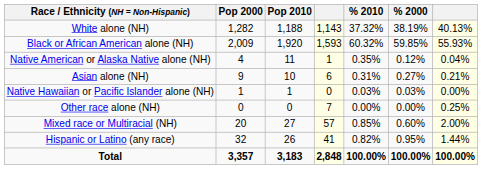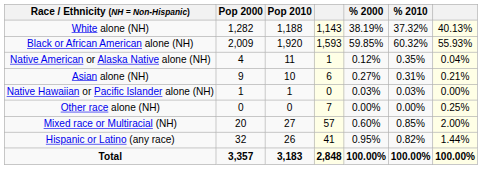 <table class="wikitable" style="text-align:center;">
 <tr>
 <th>Race / Ethnicity <small>(<em>NH = Non-Hispanic</em>)</small></th>
 <th>Pop 2000</th>
 <th>Pop 2010</th>
 <th></th>
+<th>% 2000</th>
 <th>% 2010</th>
-<th>% 2000</th>
 <th></th>
 </tr>
 <tr>
 <td><a href='#'>White</a> alone (NH)</td>
 <td>1,282</td>
 <td>1,188</td>
 <td style='background: #ffffe6;'>1,143</td>
+<td>38.19%</td>
 <td>37.32%</td>
-<td>38.19%</td>
 <td style='background: #ffffe6;'>40.13%</td>
 </tr>
 <tr>
 <td><a href='#'>Black or African American</a> alone (NH)</td>
 <td>2,009</td>
 <td>1,920</td>
 <td style='background: #ffffe6;'>1,593</td>
+<td>59.85%</td>
 <td>60.32%</td>
-<td>59.85%</td>
 <td style='background: #ffffe6;'>55.93%</td>
 </tr>
 <tr>
 <td><a href='#'>Native American</a> or <a href='#'>Alaska Native</a> alone (NH)</td>
 <td>4</td>
 <td>11</td>
 <td style='background: #ffffe6;'>1</td>
+<td>0.12%</td>
 <td>0.35%</td>
-<td>0.12%</td>
 <td style='background: #ffffe6;'>0.04%</td>
 </tr>
 <tr>
 <td><a href='#'>Asian</a> alone (NH)</td>
 <td>9</td>
 <td>10</td>
 <td style='background: #ffffe6;'>6</td>
+<td>0.27%</td>
 <td>0.31%</td>
-<td>0.27%</td>
 <td style='background: #ffffe6;'>0.21%</td>
 </tr>
 <tr>
 <td><a href='#'>Native Hawaiian</a> or <a href='#'>Pacific Islander</a> alone (NH)</td>
 <td>1</td>
 <td>1</td>
 <td style='background: #ffffe6;'>0</td>
 <td>0.03%</td>
 <td>0.03%</td>
 <td style='background: #ffffe6;'>0.00%</td>
 </tr>
 <tr>
 <td><a href='#'>Other race</a> alone (NH)</td>
 <td>0</td>
 <td>0</td>
 <td style='background: #ffffe6;'>7</td>
 <td>0.00%</td>
 <td>0.00%</td>
 <td style='background: #ffffe6;'>0.25%</td>
 </tr>
 <tr>
 <td><a href='#'>Mixed race or Multiracial</a> (NH)</td>
 <td>20</td>
 <td>27</td>
 <td style='background: #ffffe6;'>57</td>
+<td>0.60%</td>
 <td>0.85%</td>
-<td>0.60%</td>
 <td style='background: #ffffe6;'>2.00%</td>
 </tr>
 <tr>
 <td><a href='#'>Hispanic or Latino</a> (any race)</td>
 <td>32</td>
 <td>26</td>
 <td style='background: #ffffe6;'>41</td>
+<td>0.95%</td>
 <td>0.82%</td>
-<td>0.95%</td>
 <td style='background: #ffffe6;'>1.44%</td>
 </tr>
 <tr>
 <td><strong>Total</strong></td>
 <td><strong>3,357</strong></td>
 <td><strong>3,183</strong></td>
 <td style='background: #ffffe6;'><strong>2,848</strong></td>
 <td><strong>100.00%</strong></td>
 <td><strong>100.00%</strong></td>
 <td style='background: #ffffe6;'><strong>100.00%</strong></td>
 </tr>
 </table>
